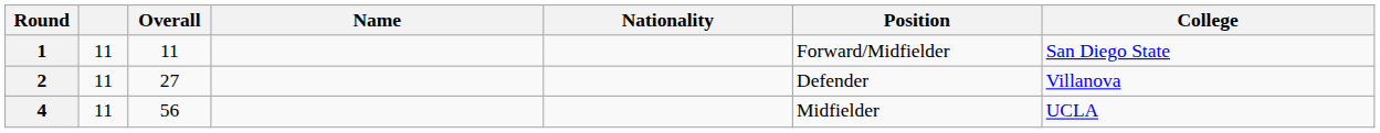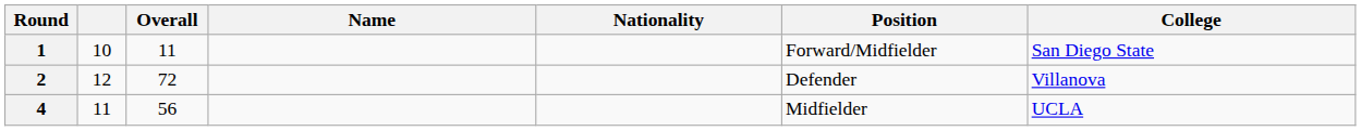 <table class="wikitable sortable" style="width:90%">
 <tr>
 <th scope="col" style="width: 3%;">Round</th>
 <th scope="col" style="width: 3%;"></th>
 <th scope="col" style="width: 4%;">Overall</th>
 <th scope="col" style="width: 20%;">Name</th>
 <th scope="col" style="width: 15%;">Nationality</th>
 <th scope="col" style="width: 15%;">Position</th>
 <th scope="col" style="width: 20%;">College</th>
 </tr>
 <tr>
 <th scope="row">1</th>
-<td align="center">11</td>
+<td align="center">10</td>
 <td align="center">11</td>
 <td></td>
 <td></td>
 <td>Forward/Midfielder</td>
 <td><a href='#'>San Diego State</a></td>
 </tr>
 <tr>
 <th scope="row">2</th>
-<td align="center">11</td>
-<td align="center">27</td>
+<td align="center">12</td>
+<td align="center">72</td>
 <td></td>
 <td></td>
 <td>Defender</td>
 <td><a href='#'>Villanova</a></td>
 </tr>
 <tr>
 <th scope="row">4</th>
 <td align="center">11</td>
 <td align="center">56</td>
 <td></td>
 <td></td>
 <td>Midfielder</td>
 <td><a href='#'>UCLA</a></td>
 </tr>
 </table>
